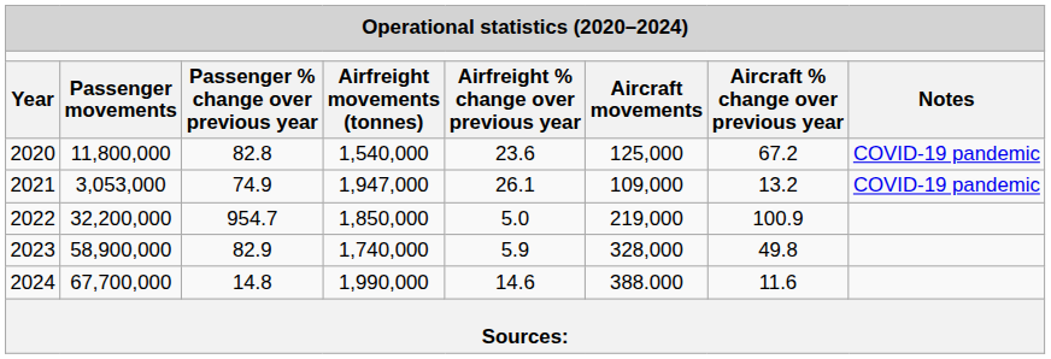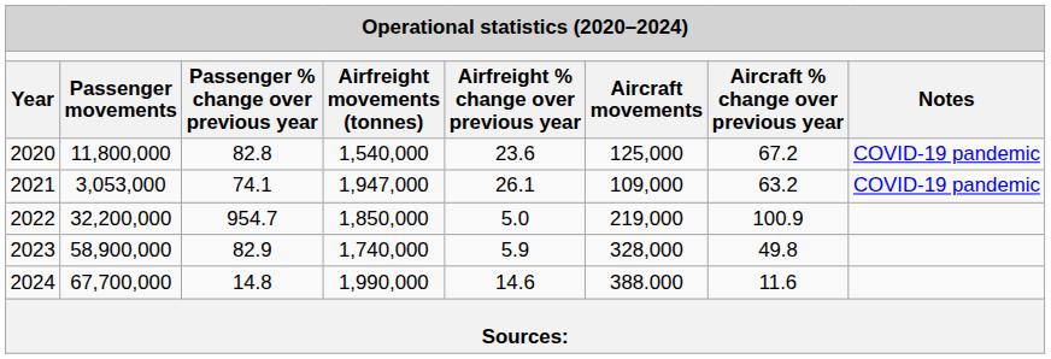 <table class="wikitable" style="text-align:center;">
 <tr>
 <th colspan="8" style="background:lightgrey; colour:black; line-height:180%;">Operational statistics (2020–2024)</th>
 </tr>
 <tr>
 <td style="text-align:center;" colspan="8"></td>
 </tr>
 <tr style="background:lightgrey;">
 <th>Year</th>
 <th>Passenger<br>movements</th>
 <th>Passenger %<br>change over<br>previous year</th>
 <th>Airfreight<br>movements<br>(tonnes)</th>
 <th>Airfreight %<br>change over<br>previous year</th>
 <th>Aircraft<br>movements</th>
 <th>Aircraft %<br>change over<br>previous year</th>
 <th>Notes</th>
 </tr>
 <tr>
 <td>2020</td>
 <td>11,800,000</td>
 <td> 82.8</td>
 <td>1,540,000</td>
 <td> 23.6</td>
 <td>125,000</td>
 <td> 67.2</td>
 <td><a href='#'>COVID-19 pandemic</a></td>
 </tr>
 <tr>
 <td>2021</td>
 <td>3,053,000</td>
-<td> 74.9</td>
+<td> 74.1</td>
 <td>1,947,000</td>
 <td> 26.1</td>
 <td>109,000</td>
-<td> 13.2</td>
+<td> 63.2</td>
 <td><a href='#'>COVID-19 pandemic</a></td>
 </tr>
 <tr>
 <td>2022</td>
 <td>32,200,000</td>
 <td> 954.7</td>
 <td>1,850,000</td>
 <td> 5.0</td>
 <td>219,000</td>
 <td> 100.9</td>
 <td></td>
 </tr>
 <tr>
 <td>2023</td>
 <td>58,900,000</td>
 <td> 82.9</td>
 <td>1,740,000</td>
 <td> 5.9</td>
 <td>328,000</td>
 <td> 49.8</td>
 <td></td>
 </tr>
 <tr>
 <td>2024</td>
 <td>67,700,000</td>
 <td> 14.8</td>
 <td>1,990,000</td>
 <td> 14.6</td>
 <td>388.000</td>
 <td> 11.6</td>
 <td></td>
 </tr>
 <tr>
 <th colspan="11"><br>Sources:</th>
 </tr>
 </table>
